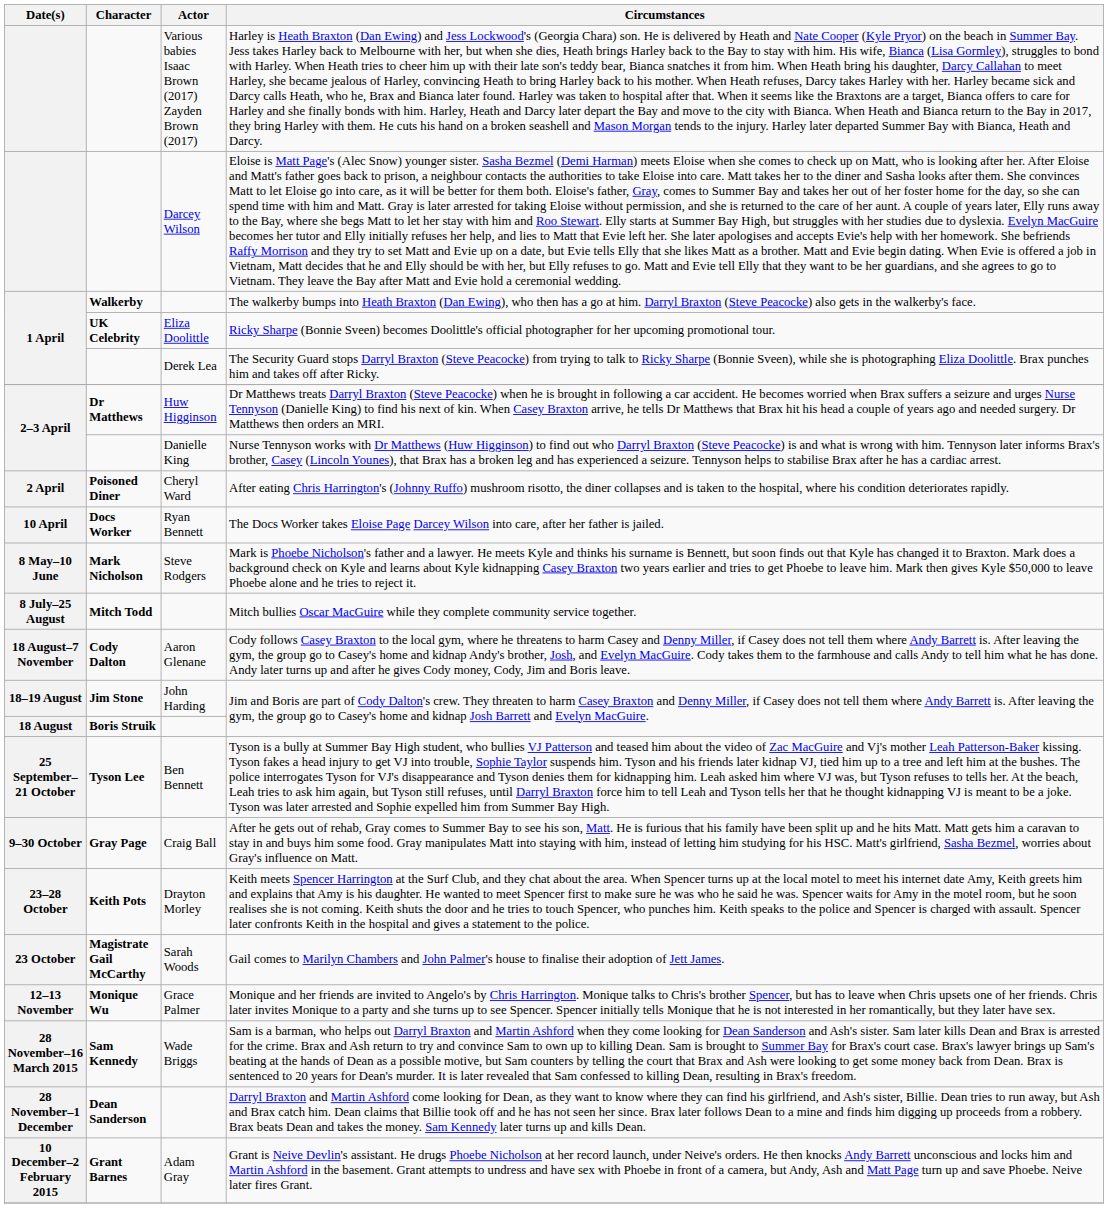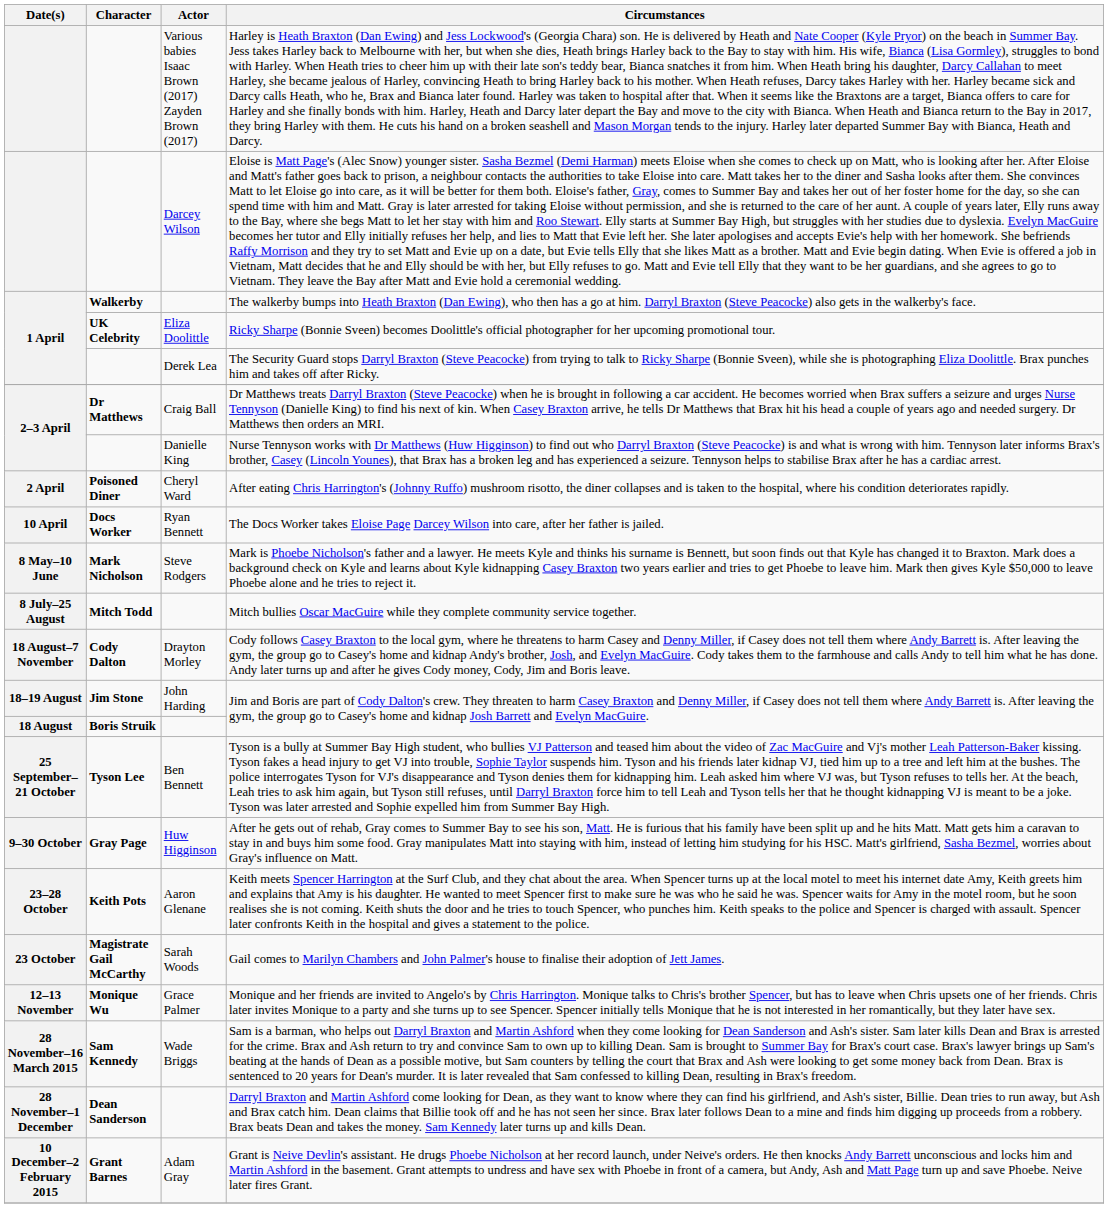 <table class="wikitable plainrowheaders" style="font-size:90%">
 <tr>
 <th scope="col">Date(s)</th>
 <th scope="col">Character</th>
 <th scope="col">Actor</th>
 <th scope="col">Circumstances</th>
 </tr>
 <tr>
 <th scope="row"></th>
 <td></td>
 <td>Various babies<br>Isaac Brown (2017)<br>Zayden Brown (2017)</td>
 <td>Harley is <a href='#'>Heath Braxton</a> (<a href='#'>Dan Ewing</a>) and <a href='#'>Jess Lockwood</a>'s (Georgia Chara) son. He is delivered by Heath and <a href='#'>Nate Cooper</a> (<a href='#'>Kyle Pryor</a>) on the beach in <a href='#'>Summer Bay</a>. Jess takes Harley back to Melbourne with her, but when she dies, Heath brings Harley back to the Bay to stay with him. His wife, <a href='#'>Bianca</a> (<a href='#'>Lisa Gormley</a>), struggles to bond with Harley. When Heath tries to cheer him up with their late son's teddy bear, Bianca snatches it from him. When Heath bring his daughter, <a href='#'>Darcy Callahan</a> to meet Harley, she became jealous of Harley, convincing Heath to bring Harley back to his mother. When Heath refuses, Darcy takes Harley with her. Harley became sick and Darcy calls Heath, who he, Brax and Bianca later found. Harley was taken to hospital after that. When it seems like the Braxtons are a target, Bianca offers to care for Harley and she finally bonds with him. Harley, Heath and Darcy later depart the Bay and move to the city with Bianca. When Heath and Bianca return to the Bay in 2017, they bring Harley with them. He cuts his hand on a broken seashell and <a href='#'>Mason Morgan</a> tends to the injury. Harley later departed Summer Bay with Bianca, Heath and Darcy.</td>
 </tr>
 <tr>
 <th scope="row"></th>
 <td></td>
 <td><a href='#'>Darcey Wilson</a></td>
 <td>Eloise is <a href='#'>Matt Page</a>'s (Alec Snow) younger sister. <a href='#'>Sasha Bezmel</a> (<a href='#'>Demi Harman</a>) meets Eloise when she comes to check up on Matt, who is looking after her. After Eloise and Matt's father goes back to prison, a neighbour contacts the authorities to take Eloise into care. Matt takes her to the diner and Sasha looks after them. She convinces Matt to let Eloise go into care, as it will be better for them both. Eloise's father, <a href='#'>Gray</a>, comes to Summer Bay and takes her out of her foster home for the day, so she can spend time with him and Matt. Gray is later arrested for taking Eloise without permission, and she is returned to the care of her aunt. A couple of years later, Elly runs away to the Bay, where she begs Matt to let her stay with him and <a href='#'>Roo Stewart</a>. Elly starts at Summer Bay High, but struggles with her studies due to dyslexia. <a href='#'>Evelyn MacGuire</a> becomes her tutor and Elly initially refuses her help, and lies to Matt that Evie left her. She later apologises and accepts Evie's help with her homework. She befriends <a href='#'>Raffy Morrison</a> and they try to set Matt and Evie up on a date, but Evie tells Elly that she likes Matt as a brother. Matt and Evie begin dating. When Evie is offered a job in Vietnam, Matt decides that he and Elly should be with her, but Elly refuses to go. Matt and Evie tell Elly that they want to be her guardians, and she agrees to go to Vietnam. They leave the Bay after Matt and Evie hold a ceremonial wedding.</td>
 </tr>
 <tr>
 <th scope="row" rowspan="3">1 April</th>
 <td><strong>Walkerby</strong></td>
 <td></td>
 <td>The walkerby bumps into <a href='#'>Heath Braxton</a> (<a href='#'>Dan Ewing</a>), who then has a go at him. <a href='#'>Darryl Braxton</a> (<a href='#'>Steve Peacocke</a>) also gets in the walkerby's face.</td>
 </tr>
 <tr>
 <td><strong>UK Celebrity</strong></td>
 <td><a href='#'>Eliza Doolittle</a></td>
 <td><a href='#'>Ricky Sharpe</a> (Bonnie Sveen) becomes Doolittle's official photographer for her upcoming promotional tour.</td>
 </tr>
 <tr>
 <td></td>
 <td>Derek Lea</td>
 <td>The Security Guard stops <a href='#'>Darryl Braxton</a> (<a href='#'>Steve Peacocke</a>) from trying to talk to <a href='#'>Ricky Sharpe</a> (Bonnie Sveen), while she is photographing <a href='#'>Eliza Doolittle</a>. Brax punches him and takes off after Ricky.</td>
 </tr>
 <tr>
 </tr>
 <tr>
 <th scope="row" rowspan="2">2–3 April</th>
 <td><strong>Dr Matthews</strong></td>
-<td><a href='#'>Huw Higginson</a></td>
+<td>Craig Ball</td>
 <td>Dr Matthews treats <a href='#'>Darryl Braxton</a> (<a href='#'>Steve Peacocke</a>) when he is brought in following a car accident. He becomes worried when Brax suffers a seizure and urges <a href='#'>Nurse Tennyson</a> (Danielle King) to find his next of kin. When <a href='#'>Casey Braxton</a> arrive, he tells Dr Matthews that Brax hit his head a couple of years ago and needed surgery. Dr Matthews then orders an MRI.</td>
 </tr>
 <tr>
 <td></td>
 <td>Danielle King</td>
 <td>Nurse Tennyson works with <a href='#'>Dr Matthews</a> (<a href='#'>Huw Higginson</a>) to find out who <a href='#'>Darryl Braxton</a> (<a href='#'>Steve Peacocke</a>) is and what is wrong with him. Tennyson later informs Brax's brother, <a href='#'>Casey</a> (<a href='#'>Lincoln Younes</a>), that Brax has a broken leg and has experienced a seizure. Tennyson helps to stabilise Brax after he has a cardiac arrest.</td>
 </tr>
 <tr>
 <th scope="row">2 April</th>
 <td><strong>Poisoned Diner</strong></td>
 <td>Cheryl Ward</td>
 <td>After eating <a href='#'>Chris Harrington</a>'s (<a href='#'>Johnny Ruffo</a>) mushroom risotto, the diner collapses and is taken to the hospital, where his condition deteriorates rapidly.</td>
 </tr>
 <tr>
 <th scope="row">10 April</th>
 <td><strong>Docs Worker</strong></td>
 <td>Ryan Bennett</td>
 <td>The Docs Worker takes <a href='#'>Eloise Page</a> <a href='#'>Darcey Wilson</a> into care, after her father is jailed.</td>
 </tr>
 <tr>
 <th scope="row">8 May–10 June</th>
 <td><strong>Mark Nicholson</strong></td>
 <td>Steve Rodgers</td>
 <td>Mark is <a href='#'>Phoebe Nicholson</a>'s father and a lawyer. He meets Kyle and thinks his surname is Bennett, but soon finds out that Kyle has changed it to Braxton. Mark does a background check on Kyle and learns about Kyle kidnapping <a href='#'>Casey Braxton</a> two years earlier and tries to get Phoebe to leave him. Mark then gives Kyle $50,000 to leave Phoebe alone and he tries to reject it.</td>
 </tr>
 <tr>
 <th scope="row">8 July–25 August</th>
 <td><strong>Mitch Todd</strong></td>
 <td></td>
 <td>Mitch bullies <a href='#'>Oscar MacGuire</a> while they complete community service together.</td>
 </tr>
 <tr>
 <th scope="row">18 August–7 November</th>
 <td><strong>Cody Dalton</strong></td>
-<td>Aaron Glenane</td>
+<td>Drayton Morley</td>
 <td>Cody follows <a href='#'>Casey Braxton</a> to the local gym, where he threatens to harm Casey and <a href='#'>Denny Miller</a>, if Casey does not tell them where <a href='#'>Andy Barrett</a> is. After leaving the gym, the group go to Casey's home and kidnap Andy's brother, <a href='#'>Josh</a>, and <a href='#'>Evelyn MacGuire</a>. Cody takes them to the farmhouse and calls Andy to tell him what he has done. Andy later turns up and after he gives Cody money, Cody, Jim and Boris leave.</td>
 </tr>
 <tr>
 <th scope="row">18–19 August</th>
 <td><strong>Jim Stone</strong></td>
 <td>John Harding</td>
 <td rowspan="2">Jim and Boris are part of <a href='#'>Cody Dalton</a>'s crew. They threaten to harm <a href='#'>Casey Braxton</a> and <a href='#'>Denny Miller</a>, if Casey does not tell them where <a href='#'>Andy Barrett</a> is. After leaving the gym, the group go to Casey's home and kidnap <a href='#'>Josh Barrett</a> and <a href='#'>Evelyn MacGuire</a>.</td>
 </tr>
 <tr>
 <th scope="row">18 August</th>
 <td><strong>Boris Struik</strong></td>
 <td></td>
 </tr>
 <tr>
 <th scope="row">25 September–21 October</th>
 <td><strong>Tyson Lee</strong></td>
 <td>Ben Bennett</td>
 <td>Tyson is a bully at Summer Bay High student, who bullies <a href='#'>VJ Patterson</a> and teased him about the video of <a href='#'>Zac MacGuire</a> and Vj's mother <a href='#'>Leah Patterson-Baker</a> kissing. Tyson fakes a head injury to get VJ into trouble, <a href='#'>Sophie Taylor</a> suspends him. Tyson and his friends later kidnap VJ, tied him up to a tree and left him at the bushes. The police interrogates Tyson for VJ's disappearance and Tyson denies them for kidnapping him. Leah asked him where VJ was, but Tyson refuses to tells her. At the beach, Leah tries to ask him again, but Tyson still refuses, until <a href='#'>Darryl Braxton</a> force him to tell Leah and Tyson tells her that he thought kidnapping VJ is meant to be a joke. Tyson was later arrested and Sophie expelled him from Summer Bay High.</td>
 </tr>
 <tr>
 <th scope="row">9–30 October</th>
 <td><strong>Gray Page</strong></td>
-<td>Craig Ball</td>
+<td><a href='#'>Huw Higginson</a></td>
 <td>After he gets out of rehab, Gray comes to Summer Bay to see his son, <a href='#'>Matt</a>. He is furious that his family have been split up and he hits Matt. Matt gets him a caravan to stay in and buys him some food. Gray manipulates Matt into staying with him, instead of letting him studying for his HSC. Matt's girlfriend, <a href='#'>Sasha Bezmel</a>, worries about Gray's influence on Matt.</td>
 </tr>
 <tr>
 <th scope="row">23–28 October</th>
 <td><strong>Keith Pots</strong></td>
-<td>Drayton Morley</td>
+<td>Aaron Glenane</td>
 <td>Keith meets <a href='#'>Spencer Harrington</a> at the Surf Club, and they chat about the area. When Spencer turns up at the local motel to meet his internet date Amy, Keith greets him and explains that Amy is his daughter. He wanted to meet Spencer first to make sure he was who he said he was. Spencer waits for Amy in the motel room, but he soon realises she is not coming. Keith shuts the door and he tries to touch Spencer, who punches him. Keith speaks to the police and Spencer is charged with assault. Spencer later confronts Keith in the hospital and gives a statement to the police.</td>
 </tr>
 <tr>
 <th scope="row">23 October</th>
 <td><strong>Magistrate Gail McCarthy</strong></td>
 <td>Sarah Woods</td>
 <td>Gail comes to <a href='#'>Marilyn Chambers</a> and <a href='#'>John Palmer</a>'s house to finalise their adoption of <a href='#'>Jett James</a>.</td>
 </tr>
 <tr>
 <th scope="row">12–13 November</th>
 <td><strong>Monique Wu</strong></td>
 <td>Grace Palmer</td>
 <td>Monique and her friends are invited to Angelo's by <a href='#'>Chris Harrington</a>. Monique talks to Chris's brother <a href='#'>Spencer</a>, but has to leave when Chris upsets one of her friends. Chris later invites Monique to a party and she turns up to see Spencer. Spencer initially tells Monique that he is not interested in her romantically, but they later have sex.</td>
 </tr>
 <tr>
 <th scope="row">28 November–16 March 2015</th>
 <td><strong>Sam Kennedy</strong></td>
 <td>Wade Briggs</td>
 <td>Sam is a barman, who helps out <a href='#'>Darryl Braxton</a> and <a href='#'>Martin Ashford</a> when they come looking for <a href='#'>Dean Sanderson</a> and Ash's sister. Sam later kills Dean and Brax is arrested for the crime. Brax and Ash return to try and convince Sam to own up to killing Dean. Sam is brought to <a href='#'>Summer Bay</a> for Brax's court case. Brax's lawyer brings up Sam's beating at the hands of Dean as a possible motive, but Sam counters by telling the court that Brax and Ash were looking to get some money back from Dean. Brax is sentenced to 20 years for Dean's murder. It is later revealed that Sam confessed to killing Dean, resulting in Brax's freedom.</td>
 </tr>
 <tr>
 <th scope="row">28 November–1 December</th>
 <td><strong>Dean Sanderson</strong></td>
 <td></td>
 <td><a href='#'>Darryl Braxton</a> and <a href='#'>Martin Ashford</a> come looking for Dean, as they want to know where they can find his girlfriend, and Ash's sister, Billie. Dean tries to run away, but Ash and Brax catch him. Dean claims that Billie took off and he has not seen her since. Brax later follows Dean to a mine and finds him digging up proceeds from a robbery. Brax beats Dean and takes the money. <a href='#'>Sam Kennedy</a> later turns up and kills Dean.</td>
 </tr>
 <tr>
 <th scope="row">10 December–2 February 2015</th>
 <td><strong>Grant Barnes</strong></td>
 <td>Adam Gray</td>
 <td>Grant is <a href='#'>Neive Devlin</a>'s assistant. He drugs <a href='#'>Phoebe Nicholson</a> at her record launch, under Neive's orders. He then knocks <a href='#'>Andy Barrett</a> unconscious and locks him and <a href='#'>Martin Ashford</a> in the basement. Grant attempts to undress and have sex with Phoebe in front of a camera, but Andy, Ash and <a href='#'>Matt Page</a> turn up and save Phoebe. Neive later fires Grant.</td>
 </tr>
 <tr>
 </tr>
 </table>
